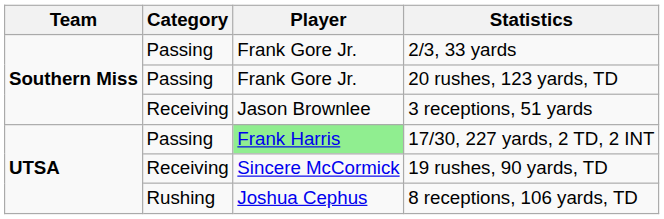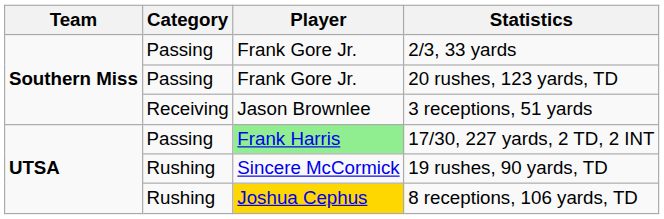 <table class="wikitable" style="float: left;">
 <tr>
 <th>Team</th>
 <th>Category</th>
 <th>Player</th>
 <th>Statistics</th>
 </tr>
 <tr>
 <td rowspan=3><strong>Southern Miss</strong></td>
 <td>Passing</td>
 <td>Frank Gore Jr.</td>
 <td>2/3, 33 yards</td>
 </tr>
 <tr>
 <td>Passing</td>
 <td>Frank Gore Jr.</td>
 <td>20 rushes, 123 yards, TD</td>
 </tr>
 <tr>
 <td>Receiving</td>
 <td>Jason Brownlee</td>
 <td>3 receptions, 51 yards</td>
 </tr>
 <tr>
 <td rowspan=3><strong>UTSA</strong></td>
 <td>Passing</td>
 <td style="background: lightgreen;"><a href='#'>Frank Harris</a></td>
 <td>17/30, 227 yards, 2 TD, 2 INT</td>
 </tr>
 <tr>
-<td>Receiving</td>
+<td>Rushing</td>
 <td><a href='#'>Sincere McCormick</a></td>
 <td>19 rushes, 90 yards, TD</td>
 </tr>
 <tr>
 <td>Rushing</td>
-<td><a href='#'>Joshua Cephus</a></td>
+<td style="background: gold;"><a href='#'>Joshua Cephus</a></td>
 <td>8 receptions, 106 yards, TD</td>
 </tr>
 </table>
